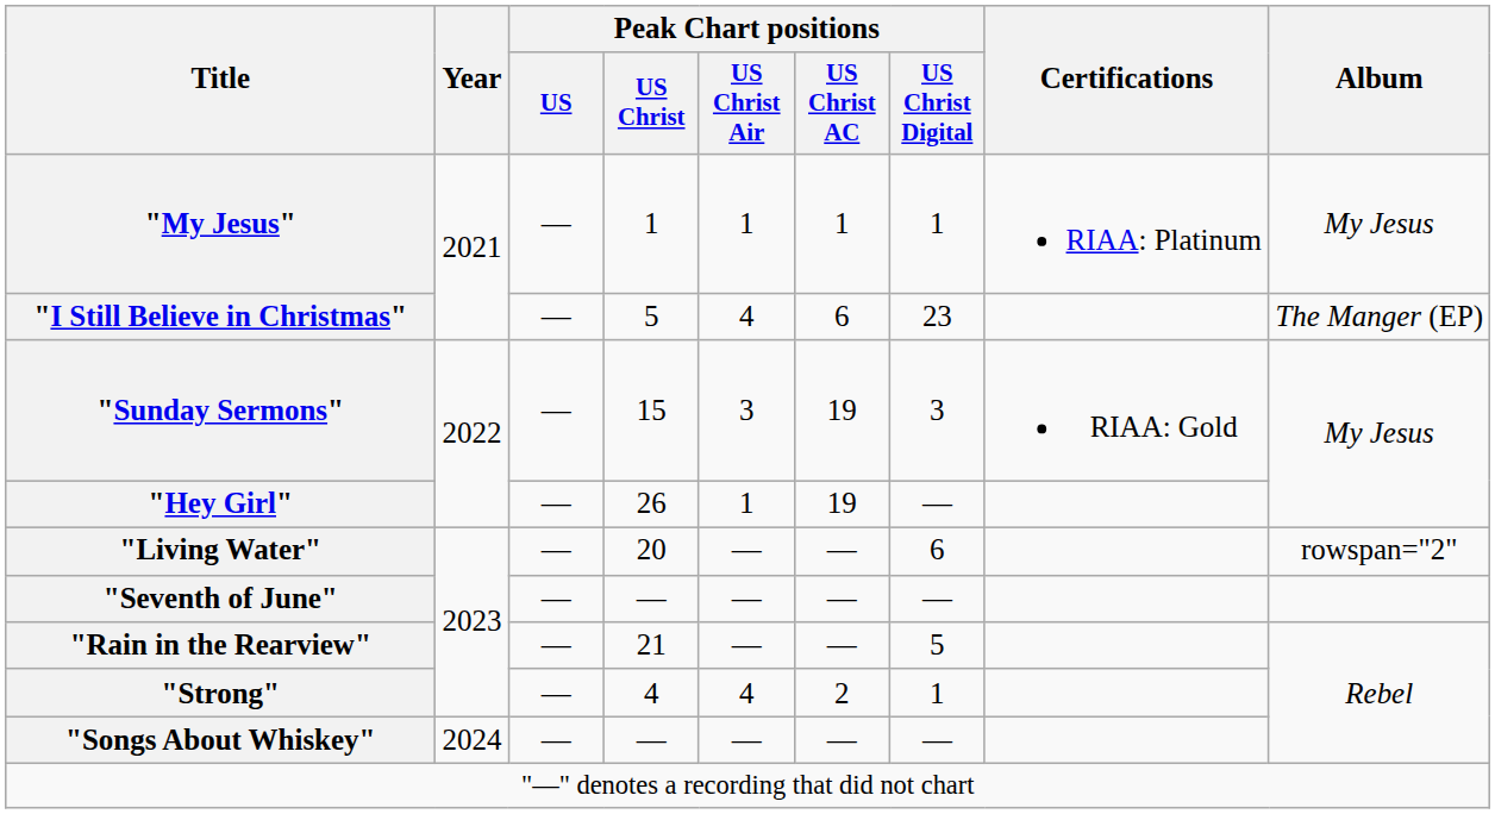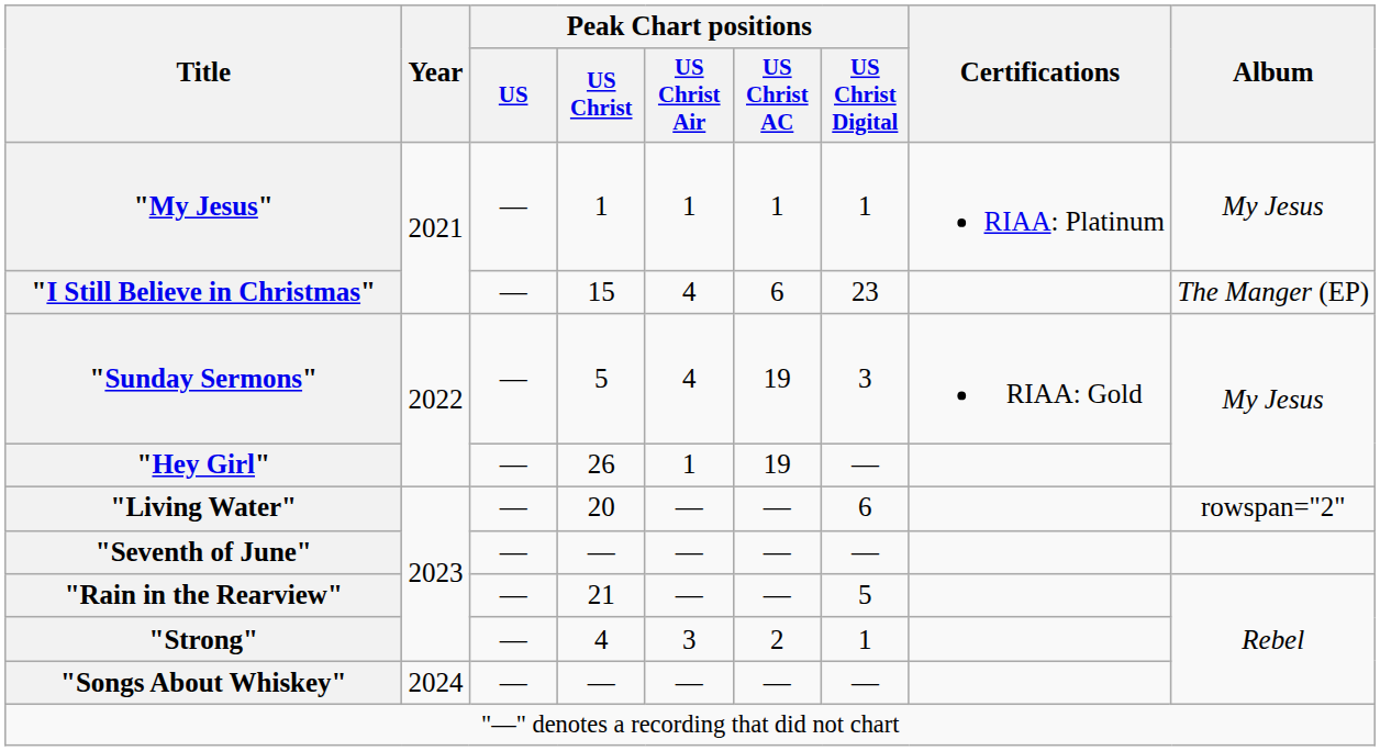 <table class="wikitable plainrowheaders" style="text-align:center;">
 <tr>
 <th rowspan="2" style="width:14em;">Title</th>
 <th rowspan="2">Year</th>
 <th colspan="5">Peak Chart positions</th>
 <th rowspan="2">Certifications</th>
 <th rowspan="2">Album</th>
 </tr>
 <tr style="font-size:smaller;">
 <th width="45"><a href='#'>US</a><br></th>
 <th width="45"><a href='#'>US<br>Christ</a><br></th>
 <th width="45"><a href='#'>US<br>Christ<br>Air</a><br></th>
 <th width="45"><a href='#'>US<br>Christ<br>AC</a><br></th>
 <th width="45"><a href='#'>US<br>Christ<br>Digital</a><br></th>
 </tr>
 <tr>
 <th scope="row">"<a href='#'>My Jesus</a>"</th>
 <td rowspan="2">2021</td>
 <td>—</td>
 <td>1</td>
 <td>1</td>
 <td>1</td>
 <td>1</td>
 <td><br><ul><li><a href='#'>RIAA</a>: Platinum</li></ul></td>
 <td><em>My Jesus</em></td>
 </tr>
 <tr>
 <th scope="row">"<a href='#'>I Still Believe in Christmas</a>"</th>
 <td>—</td>
-<td>5</td>
+<td>15</td>
 <td>4</td>
 <td>6</td>
 <td>23</td>
 <td></td>
 <td><em>The Manger</em> (EP)</td>
 </tr>
 <tr>
 <th scope="row">"<a href='#'>Sunday Sermons</a>"</th>
 <td rowspan="2">2022</td>
 <td>—</td>
-<td>15</td>
-<td>3</td>
+<td>5</td>
+<td>4</td>
 <td>19</td>
 <td>3</td>
 <td><br><ul><li>RIAA: Gold</li></ul></td>
 <td rowspan="2"><em>My Jesus</em></td>
 </tr>
 <tr>
 <th scope="row">"<a href='#'>Hey Girl</a>"</th>
 <td>—</td>
 <td>26</td>
 <td>1</td>
 <td>19</td>
 <td>—</td>
 <td></td>
 </tr>
 <tr>
 <th scope="row">"Living Water"</th>
 <td rowspan="4">2023</td>
 <td>—</td>
 <td>20</td>
 <td>—</td>
 <td>—</td>
 <td>6</td>
 <td></td>
 <td>rowspan="2" </td>
 </tr>
 <tr>
 <th scope="row">"Seventh of June"</th>
 <td>—</td>
 <td>—</td>
 <td>—</td>
 <td>—</td>
 <td>—</td>
 <td></td>
 </tr>
 <tr>
 <th scope="row">"Rain in the Rearview"</th>
 <td>—</td>
 <td>21</td>
 <td>—</td>
 <td>—</td>
 <td>5</td>
 <td></td>
 <td rowspan="3"><em>Rebel</em></td>
 </tr>
 <tr>
 <th scope="row">"Strong"</th>
 <td>—</td>
 <td>4</td>
-<td>4</td>
+<td>3</td>
 <td>2</td>
 <td>1</td>
 <td></td>
 </tr>
 <tr>
 <th scope="row">"Songs About Whiskey"</th>
 <td>2024</td>
 <td>—</td>
 <td>—</td>
 <td>—</td>
 <td>—</td>
 <td>—</td>
 <td></td>
 </tr>
 <tr>
 <td colspan="9" style="font-size:90%">"—" denotes a recording that did not chart</td>
 </tr>
 </table>
